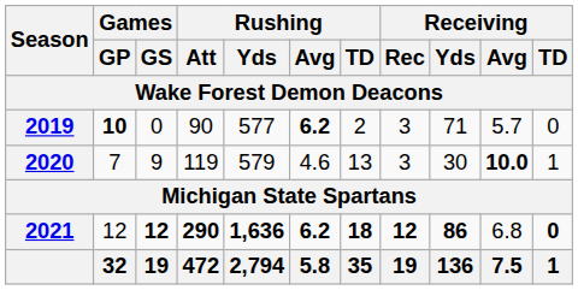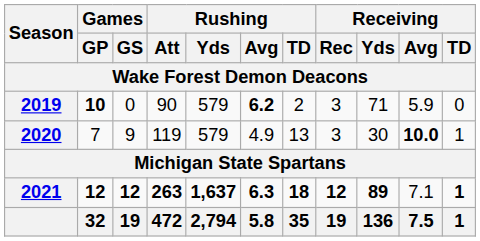 <table class="wikitable" style="text-align:center;">
 <tr>
 <th rowspan="2">Season</th>
 <th colspan="2">Games</th>
 <th colspan="4">Rushing</th>
 <th colspan="4">Receiving</th>
 </tr>
 <tr>
 <th>GP</th>
 <th>GS</th>
 <th>Att</th>
 <th>Yds</th>
 <th>Avg</th>
 <th>TD</th>
 <th>Rec</th>
 <th>Yds</th>
 <th>Avg</th>
 <th>TD</th>
 </tr>
 <tr>
 <th colspan="15">Wake Forest Demon Deacons</th>
 </tr>
 <tr>
 <th><a href='#'>2019</a></th>
 <td><strong>10</strong></td>
 <td>0</td>
 <td>90</td>
-<td>577</td>
+<td>579</td>
 <td><strong>6.2</strong></td>
 <td>2</td>
 <td>3</td>
 <td>71</td>
-<td>5.7</td>
+<td>5.9</td>
 <td>0</td>
 </tr>
 <tr>
 <th><a href='#'>2020</a></th>
 <td>7</td>
 <td>9</td>
 <td>119</td>
 <td>579</td>
-<td>4.6</td>
+<td>4.9</td>
 <td>13</td>
 <td>3</td>
 <td>30</td>
 <td><strong>10.0</strong></td>
 <td>1</td>
 </tr>
 <tr>
 <th colspan="15">Michigan State Spartans</th>
 </tr>
 <tr>
 <th><a href='#'>2021</a></th>
-<td>12</td>
 <td><strong>12</strong></td>
-<td><strong>290</strong></td>
-<td><strong>1,636</strong></td>
-<td><strong>6.2</strong></td>
+<td><strong>12</strong></td>
+<td><strong>263</strong></td>
+<td><strong>1,637</strong></td>
+<td><strong>6.3</strong></td>
 <td><strong>18</strong></td>
 <td><strong>12</strong></td>
-<td><strong>86</strong></td>
-<td>6.8</td>
-<td><strong>0</strong></td>
+<td><strong>89</strong></td>
+<td>7.1</td>
+<td><strong>1</strong></td>
 </tr>
 <tr>
 <th></th>
 <th>32</th>
 <th>19</th>
 <th>472</th>
 <th>2,794</th>
 <th>5.8</th>
 <th>35</th>
 <th>19</th>
 <th>136</th>
 <th>7.5</th>
 <th>1</th>
 </tr>
 </table>
